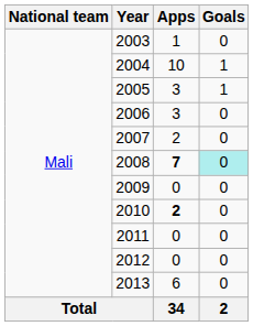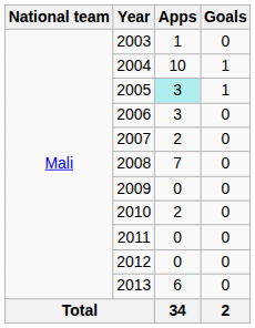 <table class="wikitable" style="text-align: center;">
 <tr>
 <th>National team</th>
 <th>Year</th>
 <th>Apps</th>
 <th>Goals</th>
 </tr>
 <tr>
 <td rowspan="11"><a href='#'>Mali</a></td>
 <td>2003</td>
 <td>1</td>
 <td>0</td>
 </tr>
 <tr>
 <td>2004</td>
 <td>10</td>
 <td>1</td>
 </tr>
 <tr>
 <td>2005</td>
-<td>3</td>
+<td style="background: paleturquoise;">3</td>
 <td>1</td>
 </tr>
 <tr>
 <td>2006</td>
 <td>3</td>
 <td>0</td>
 </tr>
 <tr>
 <td>2007</td>
 <td>2</td>
 <td>0</td>
 </tr>
 <tr>
 <td>2008</td>
-<td><strong>7</strong></td>
-<td style="background: paleturquoise;">0</td>
+<td>7</td>
+<td>0</td>
 </tr>
 <tr>
 <td>2009</td>
 <td>0</td>
 <td>0</td>
 </tr>
 <tr>
 <td>2010</td>
-<td><strong>2</strong></td>
+<td>2</td>
 <td>0</td>
 </tr>
 <tr>
 <td>2011</td>
 <td>0</td>
 <td>0</td>
 </tr>
 <tr>
 <td>2012</td>
 <td>0</td>
 <td>0</td>
 </tr>
 <tr>
 <td>2013</td>
 <td>6</td>
 <td>0</td>
 </tr>
 <tr>
 <th colspan="2">Total</th>
 <th>34</th>
 <th>2</th>
 </tr>
 </table>
